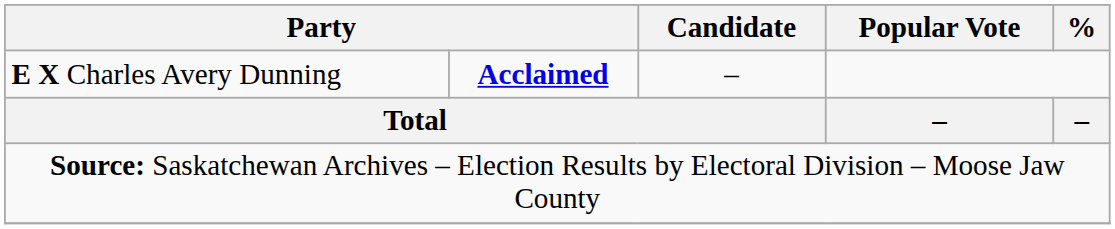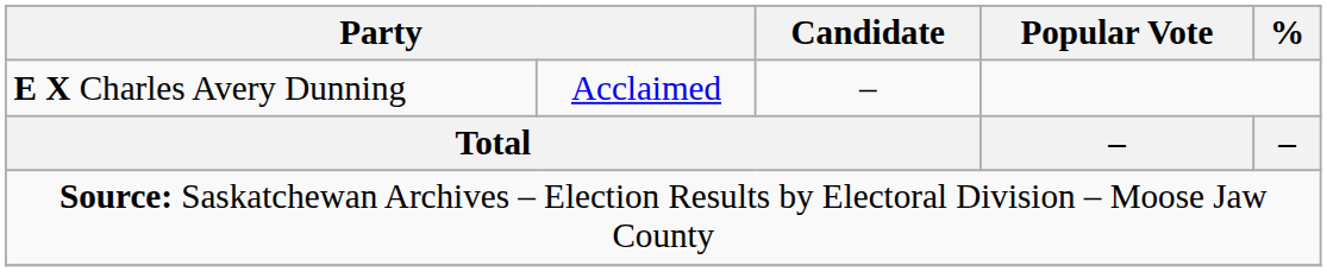 <table class="wikitable">
 <tr>
 <th colspan="2">Party</th>
 <th>Candidate</th>
 <th>Popular Vote</th>
 <th>%</th>
 </tr>
 <tr>
 <td><strong>E</strong> <strong>X</strong> Charles Avery Dunning</td>
-<td align=center><strong><a href='#'>Acclaimed</a></strong></td>
+<td align=center><a href='#'>Acclaimed</a></td>
 <td align=center>–</td>
 </tr>
 <tr>
 <th colspan=3>Total</th>
 <th>–</th>
 <th>–</th>
 </tr>
 <tr>
 <td align="center" colspan=5><strong>Source:</strong>  Saskatchewan Archives – Election Results by Electoral Division – Moose Jaw County</td>
 </tr>
 <tr>
 </tr>
 </table>
